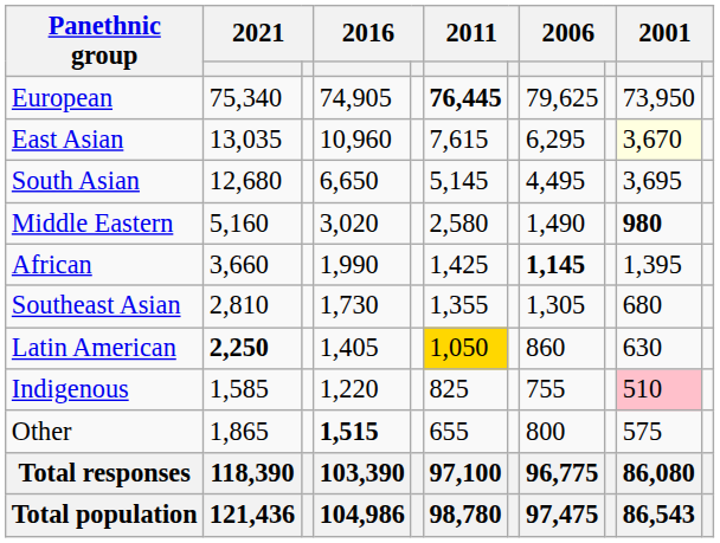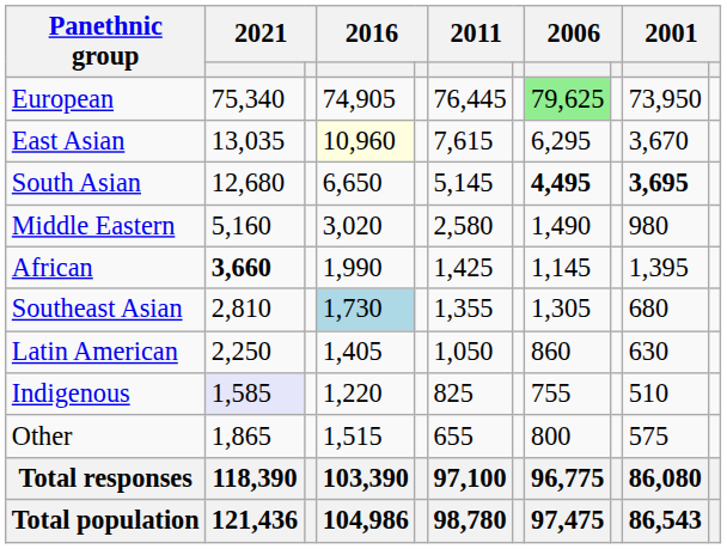 <table class="wikitable collapsible sortable">
 <tr>
 <th rowspan="2"><a href='#'>Panethnic</a><br>group</th>
 <th colspan="2">2021</th>
 <th colspan="2">2016</th>
 <th colspan="2">2011</th>
 <th colspan="2">2006</th>
 <th colspan="2">2001</th>
 </tr>
 <tr>
 <th><a href='#'></a></th>
 <th></th>
 <th></th>
 <th></th>
 <th></th>
 <th></th>
 <th></th>
 <th></th>
 <th></th>
 <th></th>
 </tr>
 <tr>
 <td><a href='#'>European</a></td>
 <td>75,340</td>
 <td></td>
 <td>74,905</td>
 <td></td>
-<td><strong>76,445</strong></td>
+<td>76,445</td>
 <td></td>
-<td>79,625</td>
+<td style="background: lightgreen;">79,625</td>
 <td></td>
 <td>73,950</td>
 <td></td>
 </tr>
 <tr>
 <td><a href='#'>East Asian</a></td>
 <td>13,035</td>
 <td></td>
-<td>10,960</td>
+<td style="background: lightyellow;">10,960</td>
 <td></td>
 <td>7,615</td>
 <td></td>
 <td>6,295</td>
 <td></td>
-<td style="background: lightyellow;">3,670</td>
+<td>3,670</td>
 <td></td>
 </tr>
 <tr>
 <td><a href='#'>South Asian</a></td>
 <td>12,680</td>
 <td></td>
 <td>6,650</td>
 <td></td>
 <td>5,145</td>
 <td></td>
-<td>4,495</td>
+<td><strong>4,495</strong></td>
 <td></td>
-<td>3,695</td>
+<td><strong>3,695</strong></td>
 <td></td>
 </tr>
 <tr>
 <td><a href='#'>Middle Eastern</a></td>
 <td>5,160</td>
 <td></td>
 <td>3,020</td>
 <td></td>
 <td>2,580</td>
 <td></td>
 <td>1,490</td>
 <td></td>
-<td><strong>980</strong></td>
+<td>980</td>
 <td></td>
 </tr>
 <tr>
 <td><a href='#'>African</a></td>
-<td>3,660</td>
+<td><strong>3,660</strong></td>
 <td></td>
 <td>1,990</td>
 <td></td>
 <td>1,425</td>
 <td></td>
-<td><strong>1,145</strong></td>
+<td>1,145</td>
 <td></td>
 <td>1,395</td>
 <td></td>
 </tr>
 <tr>
 <td><a href='#'>Southeast Asian</a></td>
 <td>2,810</td>
 <td></td>
-<td>1,730</td>
+<td style="background: lightblue;">1,730</td>
 <td></td>
 <td>1,355</td>
 <td></td>
 <td>1,305</td>
 <td></td>
 <td>680</td>
 <td></td>
 </tr>
 <tr>
 <td><a href='#'>Latin American</a></td>
-<td><strong>2,250</strong></td>
+<td>2,250</td>
 <td></td>
 <td>1,405</td>
 <td></td>
-<td style="background: gold;">1,050</td>
+<td>1,050</td>
 <td></td>
 <td>860</td>
 <td></td>
 <td>630</td>
 <td></td>
 </tr>
 <tr>
 <td><a href='#'>Indigenous</a></td>
-<td>1,585</td>
+<td style="background: lavender;">1,585</td>
 <td></td>
 <td>1,220</td>
 <td></td>
 <td>825</td>
 <td></td>
 <td>755</td>
 <td></td>
-<td style="background: pink;">510</td>
+<td>510</td>
 <td></td>
 </tr>
 <tr>
 <td>Other</td>
 <td>1,865</td>
 <td></td>
-<td><strong>1,515</strong></td>
+<td>1,515</td>
 <td></td>
 <td>655</td>
 <td></td>
 <td>800</td>
 <td></td>
 <td>575</td>
 <td></td>
 </tr>
 <tr>
 <th>Total responses</th>
 <th>118,390</th>
 <th></th>
 <th>103,390</th>
 <th></th>
 <th>97,100</th>
 <th></th>
 <th>96,775</th>
 <th></th>
 <th>86,080</th>
 <th></th>
 </tr>
 <tr>
 <th>Total population</th>
 <th>121,436</th>
 <th></th>
 <th>104,986</th>
 <th></th>
 <th>98,780</th>
 <th></th>
 <th>97,475</th>
 <th></th>
 <th>86,543</th>
 <th></th>
 </tr>
 </table>
